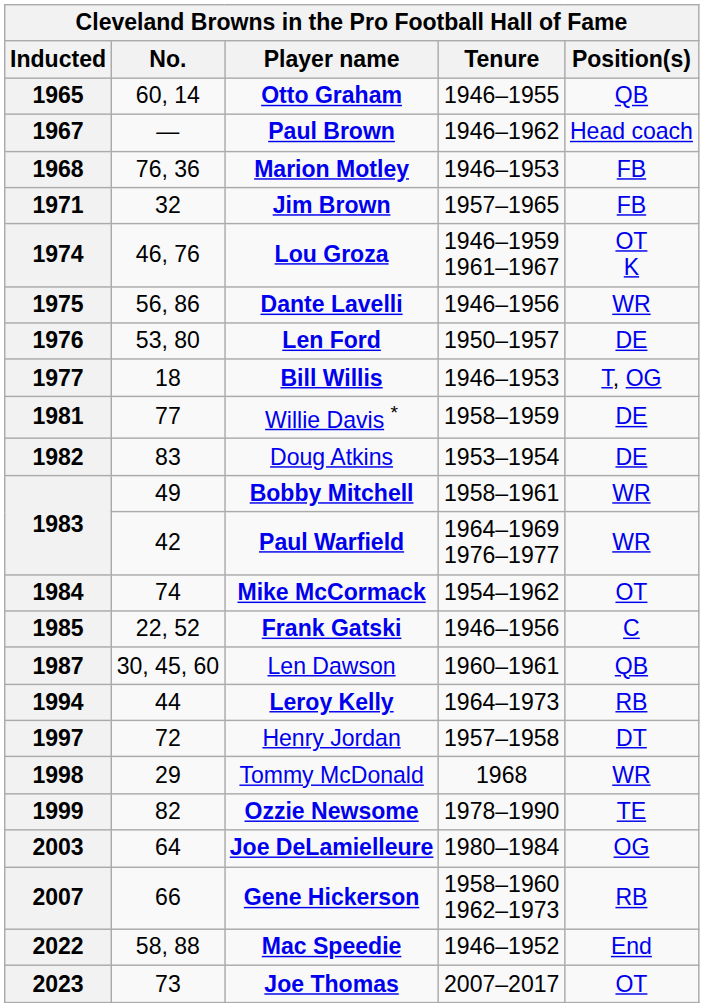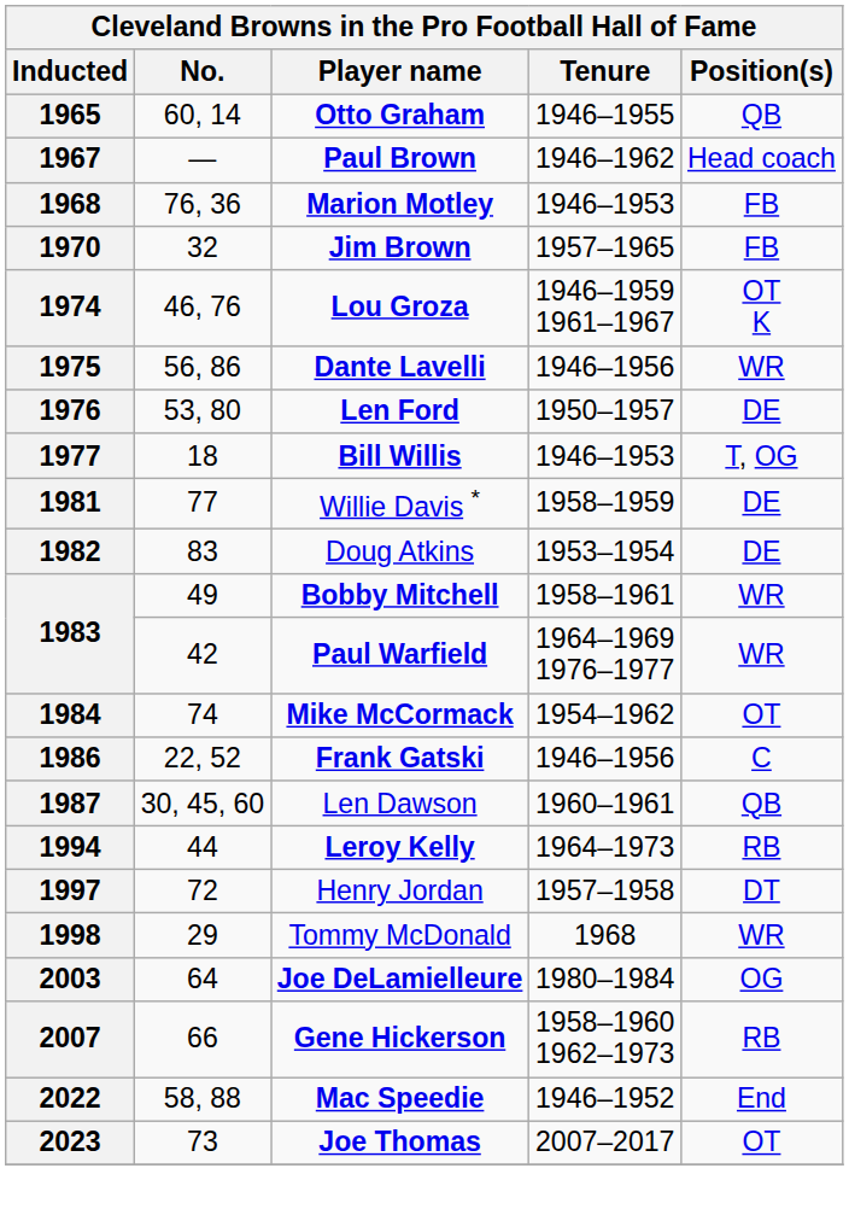 <table class="wikitable" style="text-align:center">
 <tr>
 <th colspan="5">Cleveland Browns in the Pro Football Hall of Fame</th>
 </tr>
 <tr>
 <th>Inducted</th>
 <th>No.</th>
 <th>Player name</th>
 <th>Tenure</th>
 <th>Position(s)</th>
 </tr>
 <tr>
 <th style="text-align:center;">1965</th>
 <td style="text-align:center;">60, 14</td>
 <td style="text-align:center;"><strong><a href='#'>Otto Graham</a></strong></td>
 <td style="text-align:center;">1946–1955</td>
 <td style="text-align:center;"><a href='#'>QB</a></td>
 </tr>
 <tr>
 <th style="text-align:center;">1967</th>
 <td style="text-align:center;">—</td>
 <td style="text-align:center;"><strong><a href='#'>Paul Brown</a></strong></td>
 <td style="text-align:center;">1946–1962</td>
 <td style="text-align:center;"><a href='#'>Head coach</a></td>
 </tr>
 <tr>
 <th style="text-align:center;">1968</th>
 <td style="text-align:center;">76, 36</td>
 <td style="text-align:center;"><strong><a href='#'>Marion Motley</a></strong></td>
 <td style="text-align:center;">1946–1953</td>
 <td style="text-align:center;"><a href='#'>FB</a></td>
 </tr>
 <tr>
-<th style="text-align:center;">1971</th>
+<th style="text-align:center;">1970</th>
 <td style="text-align:center;">32</td>
 <td style="text-align:center;"><strong><a href='#'>Jim Brown</a></strong></td>
 <td style="text-align:center;">1957–1965</td>
 <td style="text-align:center;"><a href='#'>FB</a></td>
 </tr>
 <tr>
 <th style="text-align:center;">1974</th>
 <td style="text-align:center;">46, 76</td>
 <td style="text-align:center;"><strong><a href='#'>Lou Groza</a></strong></td>
 <td style="text-align:center;">1946–1959<br>1961–1967</td>
 <td style="text-align:center;"><a href='#'>OT</a><br><a href='#'>K</a></td>
 </tr>
 <tr>
 <th style="text-align:center;">1975</th>
 <td style="text-align:center;">56, 86</td>
 <td style="text-align:center;"><strong><a href='#'>Dante Lavelli</a></strong></td>
 <td style="text-align:center;">1946–1956</td>
 <td style="text-align:center;"><a href='#'>WR</a></td>
 </tr>
 <tr>
 <th style="text-align:center;">1976</th>
 <td style="text-align:center;">53, 80</td>
 <td style="text-align:center;"><strong><a href='#'>Len Ford</a></strong></td>
 <td style="text-align:center;">1950–1957</td>
 <td style="text-align:center;"><a href='#'>DE</a></td>
 </tr>
 <tr>
 <th style="text-align:center;">1977</th>
 <td style="text-align:center;">18</td>
 <td style="text-align:center;"><strong><a href='#'>Bill Willis</a></strong></td>
 <td style="text-align:center;">1946–1953</td>
 <td style="text-align:center;"><a href='#'>T</a>, <a href='#'>OG</a></td>
 </tr>
 <tr>
 <th style="text-align:center;">1981</th>
 <td style="text-align:center;">77</td>
 <td style="text-align:center;"><a href='#'>Willie Davis</a> <sup>*</sup></td>
 <td style="text-align:center;">1958–1959</td>
 <td style="text-align:center;"><a href='#'>DE</a></td>
 </tr>
 <tr>
 <th style="text-align:center;">1982</th>
 <td style="text-align:center;">83</td>
 <td style="text-align:center;"><a href='#'>Doug Atkins</a></td>
 <td style="text-align:center;">1953–1954</td>
 <td style="text-align:center;"><a href='#'>DE</a></td>
 </tr>
 <tr>
 <th style="text-align:center;" rowspan=2>1983</th>
 <td style="text-align:center;">49</td>
 <td style="text-align:center;"><strong><a href='#'>Bobby Mitchell</a></strong></td>
 <td style="text-align:center;">1958–1961</td>
 <td style="text-align:center;"><a href='#'>WR</a></td>
 </tr>
 <tr>
 <td style="text-align:center;">42</td>
 <td style="text-align:center;"><strong><a href='#'>Paul Warfield</a></strong></td>
 <td style="text-align:center;">1964–1969<br>1976–1977</td>
 <td style="text-align:center;"><a href='#'>WR</a></td>
 </tr>
 <tr>
 <th style="text-align:center;">1984</th>
 <td style="text-align:center;">74</td>
 <td style="text-align:center;"><strong><a href='#'>Mike McCormack</a></strong></td>
 <td style="text-align:center;">1954–1962</td>
 <td style="text-align:center;"><a href='#'>OT</a></td>
 </tr>
 <tr>
-<th style="text-align:center;">1985</th>
+<th style="text-align:center;">1986</th>
 <td style="text-align:center;">22, 52</td>
 <td style="text-align:center;"><strong><a href='#'>Frank Gatski</a></strong></td>
 <td style="text-align:center;">1946–1956</td>
 <td style="text-align:center;"><a href='#'>C</a></td>
 </tr>
 <tr>
 <th style="text-align:center;">1987</th>
 <td style="text-align:center;">30, 45, 60</td>
 <td style="text-align:center;"><a href='#'>Len Dawson</a></td>
 <td style="text-align:center;">1960–1961</td>
 <td style="text-align:center;"><a href='#'>QB</a></td>
 </tr>
 <tr>
 <th style="text-align:center;">1994</th>
 <td style="text-align:center;">44</td>
 <td style="text-align:center;"><strong><a href='#'>Leroy Kelly</a></strong></td>
 <td style="text-align:center;">1964–1973</td>
 <td style="text-align:center;"><a href='#'>RB</a></td>
 </tr>
 <tr>
 <th style="text-align:center;">1997</th>
 <td style="text-align:center;">72</td>
 <td style="text-align:center;"><a href='#'>Henry Jordan</a></td>
 <td style="text-align:center;">1957–1958</td>
 <td style="text-align:center;"><a href='#'>DT</a></td>
 </tr>
 <tr>
 <th style="text-align:center;">1998</th>
 <td style="text-align:center;">29</td>
 <td style="text-align:center;"><a href='#'>Tommy McDonald</a></td>
 <td style="text-align:center;">1968</td>
 <td style="text-align:center;"><a href='#'>WR</a></td>
 </tr>
 <tr>
-<th style="text-align:center;">1999</th>
-<td style="text-align:center;">82</td>
-<td style="text-align:center;"><strong><a href='#'>Ozzie Newsome</a></strong></td>
-<td style="text-align:center;">1978–1990</td>
-<td style="text-align:center;"><a href='#'>TE</a></td>
-</tr>
-<tr>
 <th style="text-align:center;">2003</th>
 <td style="text-align:center;">64</td>
 <td style="text-align:center;"><strong><a href='#'>Joe DeLamielleure</a></strong></td>
 <td style="text-align:center;">1980–1984</td>
 <td style="text-align:center;"><a href='#'>OG</a></td>
 </tr>
 <tr>
 <th style="text-align:center;">2007</th>
 <td style="text-align:center;">66</td>
 <td style="text-align:center;"><strong><a href='#'>Gene Hickerson</a></strong></td>
 <td style="text-align:center;">1958–1960<br>1962–1973</td>
 <td style="text-align:center;"><a href='#'>RB</a></td>
 </tr>
 <tr>
 <th style="text-align:center;">2022</th>
 <td style="text-align:center;">58, 88</td>
 <td style="text-align:center;"><strong><a href='#'>Mac Speedie</a></strong></td>
 <td style="text-align:center;">1946–1952</td>
 <td style="text-align:center;"><a href='#'>End</a></td>
 </tr>
 <tr>
 <th style="text-align:center;">2023</th>
 <td style="text-align:center;">73</td>
 <td style="text-align:center;"><strong><a href='#'>Joe Thomas</a></strong></td>
 <td style="text-align:center;">2007–2017</td>
 <td style="text-align:center;"><a href='#'>OT</a></td>
 </tr>
 <tr>
 </tr>
 </table>
